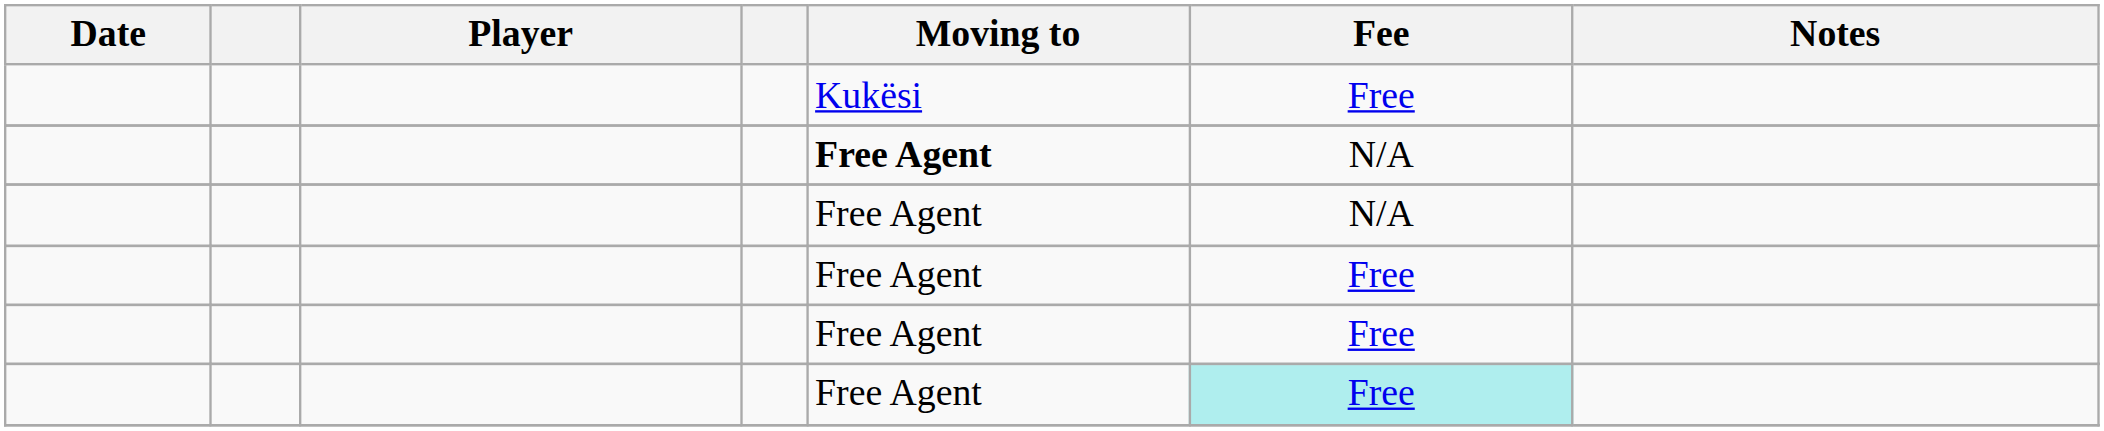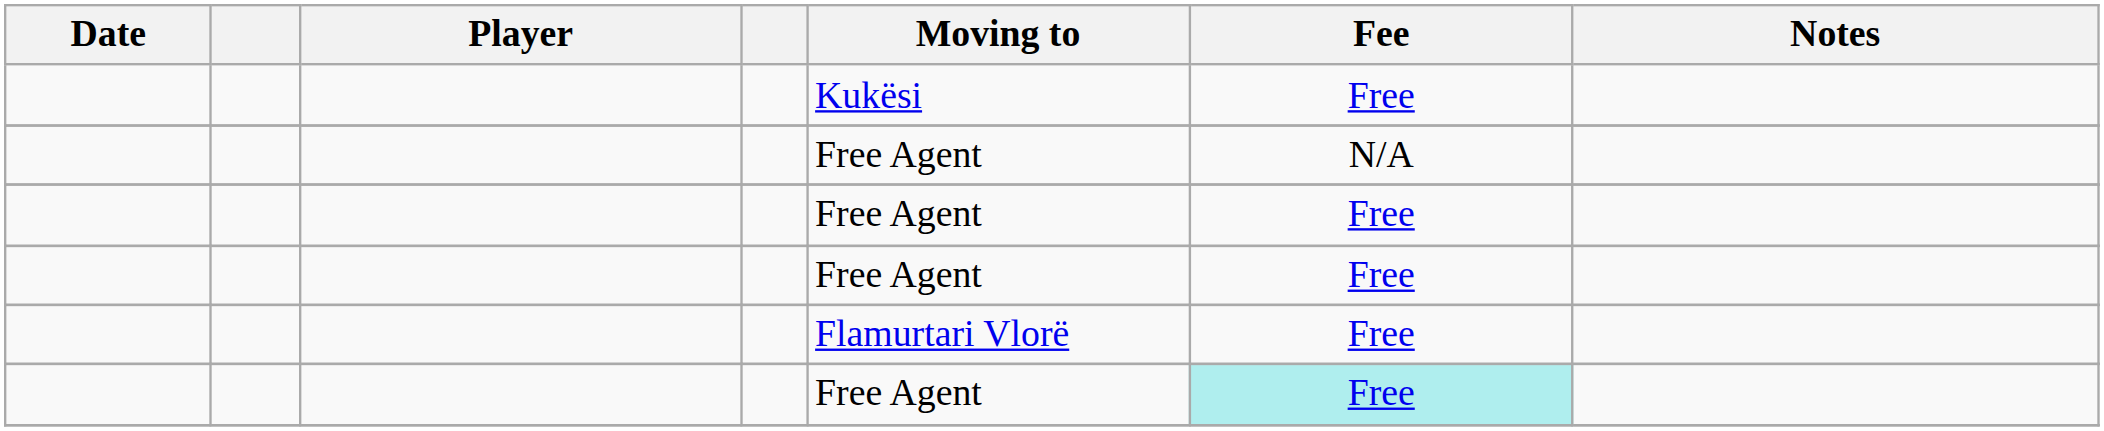 <table class="wikitable sortable">
 <tr>
 <th style="width:80px;">Date</th>
 <th style="width:30px;"></th>
 <th style="width:180px;">Player</th>
 <th style="width:20px;"></th>
 <th style="width:155px;">Moving to</th>
 <th style="width:155px;" class="unsortable">Fee</th>
 <th style="width:215px;" class="unsortable">Notes</th>
 </tr>
 <tr>
 <td></td>
 <td align=center></td>
 <td> </td>
 <td></td>
 <td> <a href='#'>Kukësi</a></td>
 <td align=center><a href='#'>Free</a></td>
-<td align=center></td>
-</tr>
-<tr>
-</tr>
-<tr>
-<td></td>
-<td align=center></td>
-<td> </td>
-<td></td>
-<td><strong>Free Agent</strong></td>
-<td align=center>N/A</td>
 <td align=center></td>
 </tr>
 <tr>
 </tr>
 <tr>
 <td></td>
 <td align=center></td>
 <td> </td>
 <td></td>
 <td>Free Agent</td>
 <td align=center>N/A</td>
 <td align=center></td>
 </tr>
 <tr>
 </tr>
 <tr>
 <td></td>
 <td align=center></td>
 <td> </td>
 <td></td>
 <td>Free Agent</td>
 <td align=center><a href='#'>Free</a></td>
 <td align=center></td>
 </tr>
 <tr>
 </tr>
 <tr>
 <td></td>
 <td align=center></td>
 <td> </td>
 <td></td>
 <td>Free Agent</td>
 <td align=center><a href='#'>Free</a></td>
 <td align=center></td>
 </tr>
 <tr>
 </tr>
 <tr>
 <td></td>
 <td align=center></td>
 <td> </td>
 <td></td>
+<td> <a href='#'>Flamurtari Vlorë</a></td>
+<td align=center><a href='#'>Free</a></td>
+<td align=center></td>
+</tr>
+<tr>
+</tr>
+<tr>
+<td></td>
+<td align=center></td>
+<td> </td>
+<td></td>
 <td>Free Agent</td>
 <td align=center style="background: paleturquoise;"><a href='#'>Free</a></td>
 <td align=center></td>
 </tr>
 <tr>
 </tr>
 </table>
